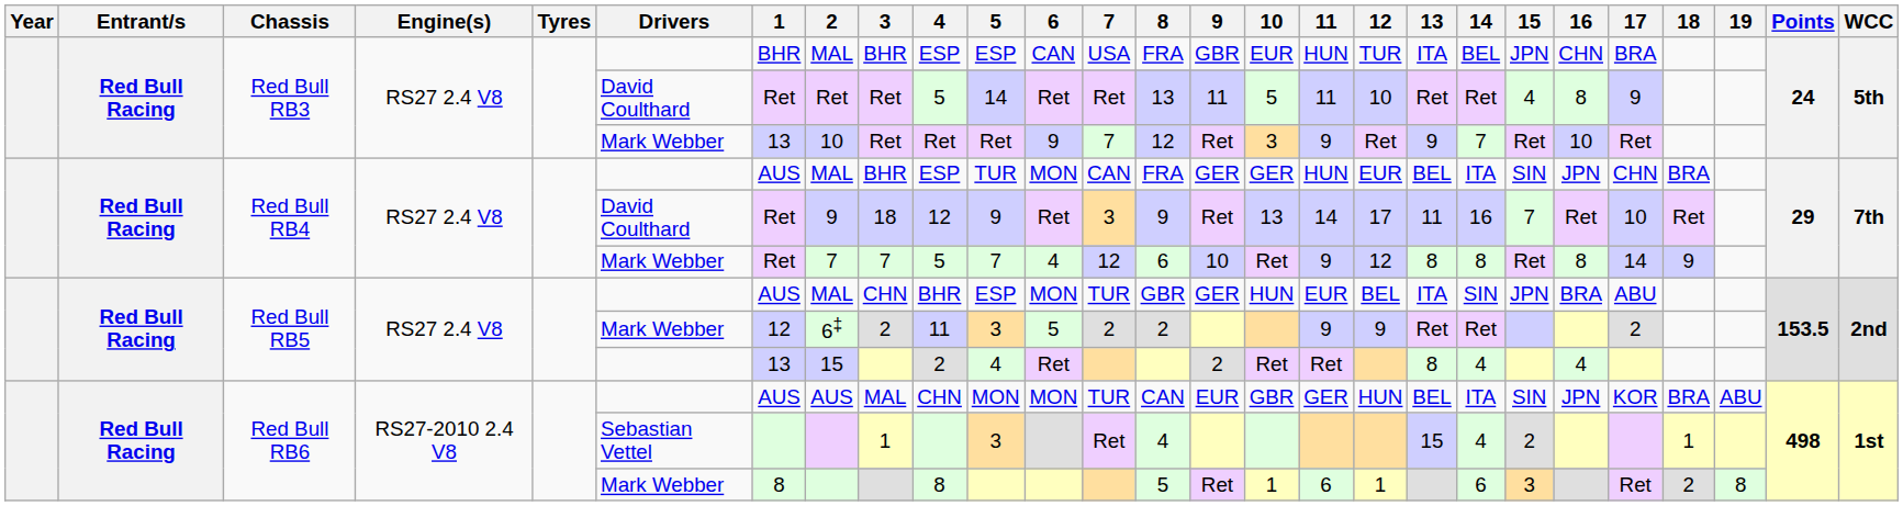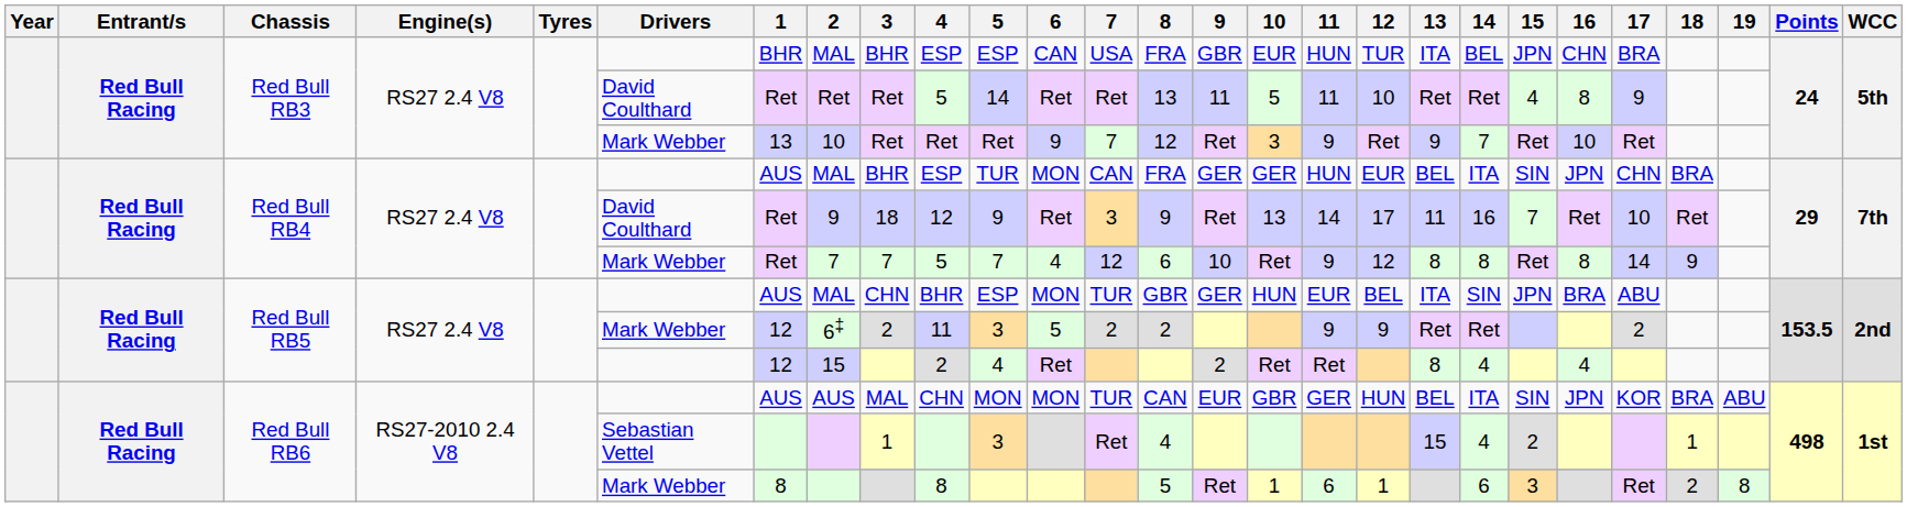 <table class="wikitable" style="text-align:center; font-size:85%">
 <tr>
 <th>Year</th>
 <th>Entrant/s</th>
 <th>Chassis</th>
 <th>Engine(s)</th>
 <th>Tyres</th>
 <th>Drivers</th>
 <th>1</th>
 <th>2</th>
 <th>3</th>
 <th>4</th>
 <th>5</th>
 <th>6</th>
 <th>7</th>
 <th>8</th>
 <th>9</th>
 <th>10</th>
 <th>11</th>
 <th>12</th>
 <th>13</th>
 <th>14</th>
 <th>15</th>
 <th>16</th>
 <th>17</th>
 <th>18</th>
 <th>19</th>
 <th><a href='#'>Points</a></th>
 <th>WCC</th>
 </tr>
 <tr>
 <th rowspan="3"></th>
 <th rowspan="3"><a href='#'>Red Bull Racing</a></th>
 <td rowspan="3"><a href='#'>Red Bull RB3</a></td>
 <td rowspan="3">RS27 2.4 <a href='#'>V8</a></td>
 <td rowspan="3"></td>
 <td></td>
 <td><a href='#'>BHR</a></td>
 <td><a href='#'>MAL</a></td>
 <td><a href='#'>BHR</a></td>
 <td><a href='#'>ESP</a></td>
 <td><a href='#'>ESP</a></td>
 <td><a href='#'>CAN</a></td>
 <td><a href='#'>USA</a></td>
 <td><a href='#'>FRA</a></td>
 <td><a href='#'>GBR</a></td>
 <td><a href='#'>EUR</a></td>
 <td><a href='#'>HUN</a></td>
 <td><a href='#'>TUR</a></td>
 <td><a href='#'>ITA</a></td>
 <td><a href='#'>BEL</a></td>
 <td><a href='#'>JPN</a></td>
 <td><a href='#'>CHN</a></td>
 <td><a href='#'>BRA</a></td>
 <td></td>
 <td></td>
 <th rowspan="3">24</th>
 <th rowspan="3">5th</th>
 </tr>
 <tr>
 <td align="left"> <a href='#'>David Coulthard</a></td>
 <td style="background:#efcfff;">Ret</td>
 <td style="background:#efcfff;">Ret</td>
 <td style="background:#efcfff;">Ret</td>
 <td style="background:#dfffdf;">5</td>
 <td style="background:#cfcfff;">14</td>
 <td style="background:#efcfff;">Ret</td>
 <td style="background:#efcfff;">Ret</td>
 <td style="background:#cfcfff;">13</td>
 <td style="background:#cfcfff;">11</td>
 <td style="background:#dfffdf;">5</td>
 <td style="background:#cfcfff;">11</td>
 <td style="background:#cfcfff;">10</td>
 <td style="background:#efcfff;">Ret</td>
 <td style="background:#efcfff;">Ret</td>
 <td style="background:#dfffdf;">4</td>
 <td style="background:#dfffdf;">8</td>
 <td style="background:#cfcfff;">9</td>
 <td></td>
 <td></td>
 </tr>
 <tr>
 <td align="left"> <a href='#'>Mark Webber</a></td>
 <td style="background:#cfcfff;">13</td>
 <td style="background:#cfcfff;">10</td>
 <td style="background:#efcfff;">Ret</td>
 <td style="background:#efcfff;">Ret</td>
 <td style="background:#efcfff;">Ret</td>
 <td style="background:#cfcfff;">9</td>
 <td style="background:#dfffdf;">7</td>
 <td style="background:#cfcfff;">12</td>
 <td style="background:#efcfff;">Ret</td>
 <td style="background:#ffdf9f;">3</td>
 <td style="background:#cfcfff;">9</td>
 <td style="background:#efcfff;">Ret</td>
 <td style="background:#cfcfff;">9</td>
 <td style="background:#dfffdf;">7</td>
 <td style="background:#efcfff;">Ret</td>
 <td style="background:#cfcfff;">10</td>
 <td style="background:#efcfff;">Ret</td>
 <td></td>
 <td></td>
 </tr>
 <tr>
 <th rowspan="3"></th>
 <th rowspan="3"><a href='#'>Red Bull Racing</a></th>
 <td rowspan="3"><a href='#'>Red Bull RB4</a></td>
 <td rowspan="3">RS27 2.4 <a href='#'>V8</a></td>
 <td rowspan="3"></td>
 <td></td>
 <td><a href='#'>AUS</a></td>
 <td><a href='#'>MAL</a></td>
 <td><a href='#'>BHR</a></td>
 <td><a href='#'>ESP</a></td>
 <td><a href='#'>TUR</a></td>
 <td><a href='#'>MON</a></td>
 <td><a href='#'>CAN</a></td>
 <td><a href='#'>FRA</a></td>
 <td><a href='#'>GER</a></td>
 <td><a href='#'>GER</a></td>
 <td><a href='#'>HUN</a></td>
 <td><a href='#'>EUR</a></td>
 <td><a href='#'>BEL</a></td>
 <td><a href='#'>ITA</a></td>
 <td><a href='#'>SIN</a></td>
 <td><a href='#'>JPN</a></td>
 <td><a href='#'>CHN</a></td>
 <td><a href='#'>BRA</a></td>
 <td></td>
 <th rowspan="3">29</th>
 <th rowspan="3">7th</th>
 </tr>
 <tr>
 <td align="left"> <a href='#'>David Coulthard</a></td>
 <td style="background:#efcfff;">Ret</td>
 <td style="background:#cfcfff;">9</td>
 <td style="background:#cfcfff;">18</td>
 <td style="background:#cfcfff;">12</td>
 <td style="background:#cfcfff;">9</td>
 <td style="background:#efcfff;">Ret</td>
 <td style="background:#ffdf9f;">3</td>
 <td style="background:#cfcfff;">9</td>
 <td style="background:#efcfff;">Ret</td>
 <td style="background:#cfcfff;">13</td>
 <td style="background:#cfcfff;">14</td>
 <td style="background:#cfcfff;">17</td>
 <td style="background:#cfcfff;">11</td>
 <td style="background:#cfcfff;">16</td>
 <td style="background:#dfffdf;">7</td>
 <td style="background:#efcfff;">Ret</td>
 <td style="background:#cfcfff;">10</td>
 <td style="background:#efcfff;">Ret</td>
 <td></td>
 </tr>
 <tr>
 <td align="left"> <a href='#'>Mark Webber</a></td>
 <td style="background:#efcfff;">Ret</td>
 <td style="background:#dfffdf;">7</td>
 <td style="background:#dfffdf;">7</td>
 <td style="background:#dfffdf;">5</td>
 <td style="background:#dfffdf;">7</td>
 <td style="background:#dfffdf;">4</td>
 <td style="background:#cfcfff;">12</td>
 <td style="background:#dfffdf;">6</td>
 <td style="background:#cfcfff;">10</td>
 <td style="background:#efcfff;">Ret</td>
 <td style="background:#cfcfff;">9</td>
 <td style="background:#cfcfff;">12</td>
 <td style="background:#dfffdf;">8</td>
 <td style="background:#dfffdf;">8</td>
 <td style="background:#efcfff;">Ret</td>
 <td style="background:#dfffdf;">8</td>
 <td style="background:#cfcfff;">14</td>
 <td style="background:#cfcfff;">9</td>
 <td></td>
 </tr>
 <tr>
 <th rowspan="3"></th>
 <th rowspan="3"><a href='#'>Red Bull Racing</a></th>
 <td rowspan="3"><a href='#'>Red Bull RB5</a></td>
 <td rowspan="3">RS27 2.4 <a href='#'>V8</a></td>
 <td rowspan="3"></td>
 <td></td>
 <td><a href='#'>AUS</a></td>
 <td><a href='#'>MAL</a></td>
 <td><a href='#'>CHN</a></td>
 <td><a href='#'>BHR</a></td>
 <td><a href='#'>ESP</a></td>
 <td><a href='#'>MON</a></td>
 <td><a href='#'>TUR</a></td>
 <td><a href='#'>GBR</a></td>
 <td><a href='#'>GER</a></td>
 <td><a href='#'>HUN</a></td>
 <td><a href='#'>EUR</a></td>
 <td><a href='#'>BEL</a></td>
 <td><a href='#'>ITA</a></td>
 <td><a href='#'>SIN</a></td>
 <td><a href='#'>JPN</a></td>
 <td><a href='#'>BRA</a></td>
 <td><a href='#'>ABU</a></td>
 <td></td>
 <td></td>
 <td style="background:#dfdfdf;" rowspan="3"><strong>153.5</strong></td>
 <td style="background:#dfdfdf;" rowspan="3"><strong>2nd</strong></td>
 </tr>
 <tr>
 <td align="left"> <a href='#'>Mark Webber</a></td>
 <td style="background:#cfcfff;">12</td>
 <td style="background:#dfffdf;">6<sup>‡</sup></td>
 <td style="background:#dfdfdf;">2</td>
 <td style="background:#cfcfff;">11</td>
 <td style="background:#ffdf9f;">3</td>
 <td style="background:#dfffdf;">5</td>
 <td style="background:#dfdfdf;">2</td>
 <td style="background:#dfdfdf;">2</td>
 <td style="background:#ffffbf;"></td>
 <td style="background:#ffdf9f;"></td>
 <td style="background:#cfcfff;">9</td>
 <td style="background:#cfcfff;">9</td>
 <td style="background:#efcfff;">Ret</td>
 <td style="background:#efcfff;">Ret</td>
 <td style="background:#cfcfff;"></td>
 <td style="background:#ffffbf;"></td>
 <td style="background:#dfdfdf;">2</td>
 <td></td>
 <td></td>
 </tr>
 <tr>
 <td align="left"></td>
-<td style="background:#cfcfff;">13</td>
+<td style="background:#cfcfff;">12</td>
 <td style="background:#cfcfff;">15</td>
 <td style="background:#ffffbf;"></td>
 <td style="background:#dfdfdf;">2</td>
 <td style="background:#dfffdf;">4</td>
 <td style="background:#efcfff;">Ret</td>
 <td style="background:#ffdf9f;"></td>
 <td style="background:#ffffbf;"></td>
 <td style="background:#dfdfdf;">2</td>
 <td style="background:#efcfff;">Ret</td>
 <td style="background:#efcfff;">Ret</td>
 <td style="background:#ffdf9f;"></td>
 <td style="background:#dfffdf;">8</td>
 <td style="background:#dfffdf;">4</td>
 <td style="background:#ffffbf;"></td>
 <td style="background:#dfffdf;">4</td>
 <td style="background:#ffffbf;"></td>
 <td></td>
 </tr>
 <tr>
 <th rowspan="3"></th>
 <th rowspan="3"><a href='#'>Red Bull Racing</a></th>
 <td rowspan="3"><a href='#'>Red Bull RB6</a></td>
 <td rowspan="3">RS27-2010 2.4 <a href='#'>V8</a></td>
 <td rowspan="3"></td>
 <td></td>
 <td><a href='#'>AUS</a></td>
 <td><a href='#'>AUS</a></td>
 <td><a href='#'>MAL</a></td>
 <td><a href='#'>CHN</a></td>
 <td><a href='#'>MON</a></td>
 <td><a href='#'>MON</a></td>
 <td><a href='#'>TUR</a></td>
 <td><a href='#'>CAN</a></td>
 <td><a href='#'>EUR</a></td>
 <td><a href='#'>GBR</a></td>
 <td><a href='#'>GER</a></td>
 <td><a href='#'>HUN</a></td>
 <td><a href='#'>BEL</a></td>
 <td><a href='#'>ITA</a></td>
 <td><a href='#'>SIN</a></td>
 <td><a href='#'>JPN</a></td>
 <td><a href='#'>KOR</a></td>
 <td><a href='#'>BRA</a></td>
 <td><a href='#'>ABU</a></td>
 <td rowspan="3" style="background:#ffffbf;"><strong>498</strong></td>
 <td rowspan="3" style="background:#ffffbf;"><strong>1st</strong></td>
 </tr>
 <tr>
 <td align="left"> <a href='#'>Sebastian Vettel</a></td>
 <td style="background:#dfffdf;"></td>
 <td style="background:#efcfff;"></td>
 <td style="background:#ffffbf;">1</td>
 <td style="background:#dfffdf;"></td>
 <td style="background:#ffdf9f;">3</td>
 <td style="background:#dfdfdf;"></td>
 <td style="background:#efcfff;">Ret</td>
 <td style="background:#dfffdf;">4</td>
 <td style="background:#ffffbf;"></td>
 <td style="background:#dfffdf;"></td>
 <td style="background:#ffdf9f;"></td>
 <td style="background:#ffdf9f;"></td>
 <td style="background:#cfcfff;">15</td>
 <td style="background:#dfffdf;">4</td>
 <td style="background:#dfdfdf;">2</td>
 <td style="background:#ffffbf;"></td>
 <td style="background:#EFCFFF;"></td>
 <td style="background:#ffffbf;">1</td>
 <td style="background:#ffffbf;"></td>
 </tr>
 <tr>
 <td align="left"> <a href='#'>Mark Webber</a></td>
 <td style="background:#dfffdf;">8</td>
 <td style="background:#dfffdf;"></td>
 <td style="background:#dfdfdf;"></td>
 <td style="background:#dfffdf;">8</td>
 <td style="background:#ffffbf;"></td>
 <td style="background:#ffffbf;"></td>
 <td style="background:#ffdf9f;"></td>
 <td style="background:#dfffdf;">5</td>
 <td style="background:#efcfff;">Ret</td>
 <td style="background:#ffffbf;">1</td>
 <td style="background:#dfffdf;">6</td>
 <td style="background:#ffffbf;">1</td>
 <td style="background:#dfdfdf;"></td>
 <td style="background:#dfffdf;">6</td>
 <td style="background:#ffdf9f;">3</td>
 <td style="background:#dfdfdf;"></td>
 <td style="background:#EFCFFF;">Ret</td>
 <td style="background:#dfdfdf;">2</td>
 <td style="background:#dfffdf;">8</td>
 </tr>
 </table>
